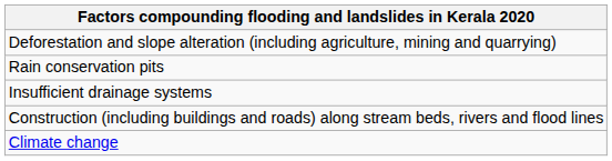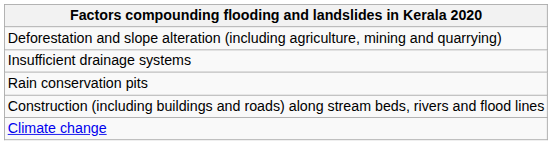 <table class="wikitable">
 <tr>
 <th>Factors compounding flooding and landslides in Kerala 2020</th>
 </tr>
 <tr>
 <td>Deforestation and slope alteration (including agriculture, mining and quarrying)</td>
 </tr>
 <tr>
-<td>Rain conservation pits</td>
+<td>Insufficient drainage systems</td>
 </tr>
 <tr>
-<td>Insufficient drainage systems</td>
+<td>Rain conservation pits</td>
 </tr>
 <tr>
 <td>Construction (including buildings and roads) along stream beds, rivers and flood lines</td>
 </tr>
 <tr>
 <td><a href='#'>Climate change</a></td>
 </tr>
 </table>
